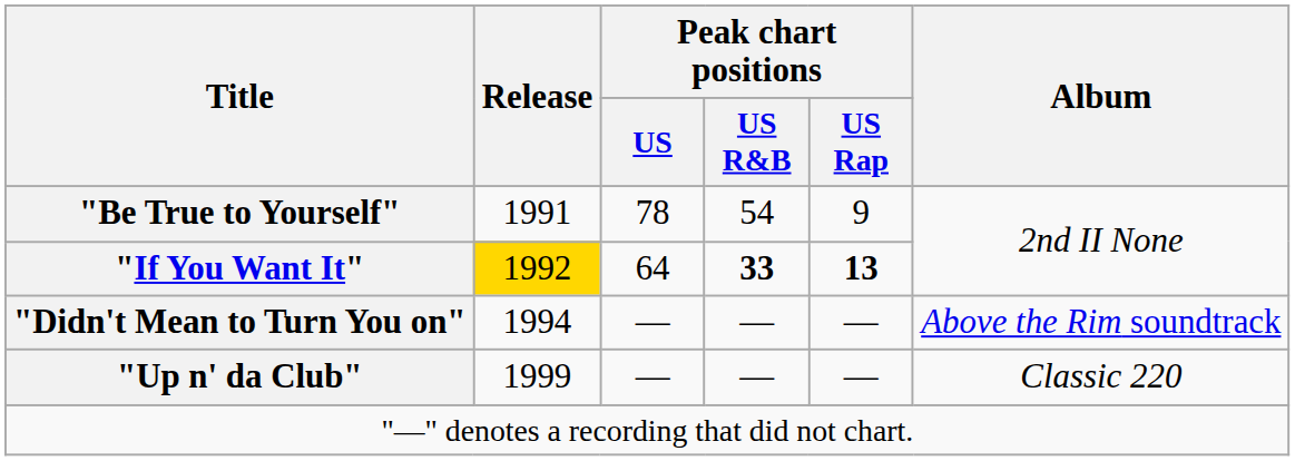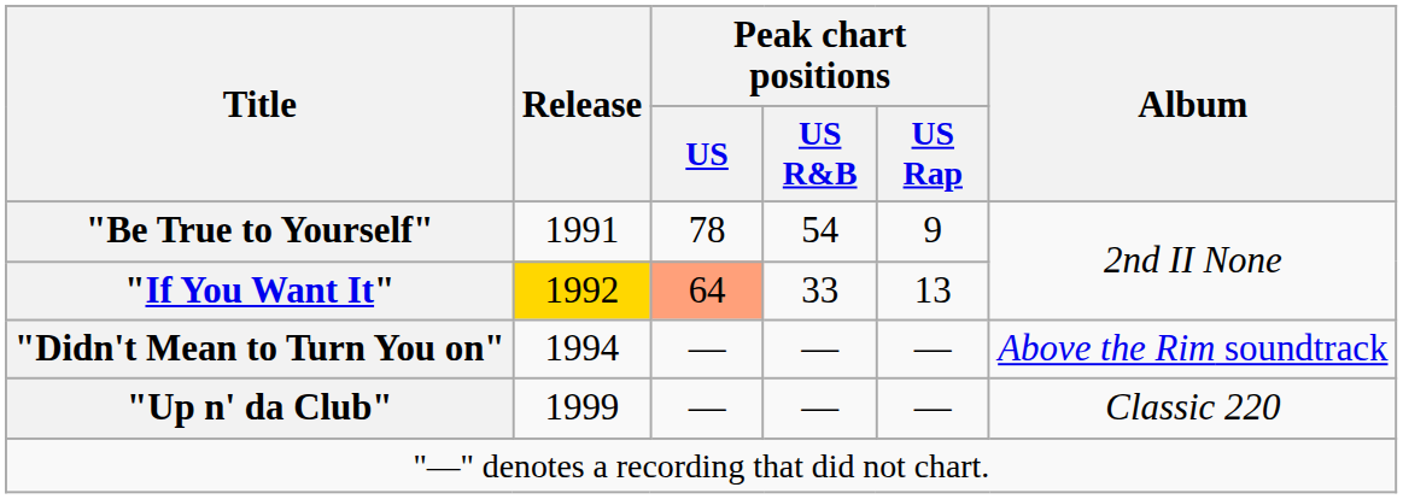 <table class="wikitable plainrowheaders" style="text-align:center;">
 <tr>
 <th rowspan="2">Title</th>
 <th rowspan="2">Release</th>
 <th colspan="3">Peak chart positions</th>
 <th rowspan="2">Album</th>
 </tr>
 <tr>
 <th scope="col" style="width:2.9em;font-size:90%;"><a href='#'>US</a></th>
 <th scope="col" style="width:2.9em;font-size:90%;"><a href='#'>US<br>R&B</a></th>
 <th scope="col" style="width:2.9em;font-size:90%;"><a href='#'>US<br>Rap</a></th>
 </tr>
 <tr>
 <th scope="row">"Be True to Yourself"</th>
 <td>1991</td>
 <td style="text-align:center;">78</td>
 <td style="text-align:center;">54</td>
 <td style="text-align:center;">9</td>
 <td rowspan="2"><em>2nd II None</em></td>
 </tr>
 <tr>
 <th scope="row">"<a href='#'>If You Want It</a>"</th>
 <td style="background: gold;">1992</td>
-<td style="text-align:center;">64</td>
-<td style="text-align:center;"><strong>33</strong></td>
-<td style="text-align:center;"><strong>13</strong></td>
+<td style="background: lightsalmon; text-align:center;">64</td>
+<td style="text-align:center;">33</td>
+<td style="text-align:center;">13</td>
 </tr>
 <tr>
 <th scope="row">"Didn't Mean to Turn You on"</th>
 <td>1994</td>
 <td style="text-align:center;">—</td>
 <td style="text-align:center;">—</td>
 <td style="text-align:center;">—</td>
 <td><a href='#'><em>Above the Rim</em> soundtrack</a></td>
 </tr>
 <tr>
 <th scope="row">"Up n' da Club"</th>
 <td>1999</td>
 <td style="text-align:center;">—</td>
 <td style="text-align:center;">—</td>
 <td style="text-align:center;">—</td>
 <td><em>Classic 220</em></td>
 </tr>
 <tr>
 <td colspan="6"  style="text-align:center; font-size:90%;">"—" denotes a recording that did not chart.</td>
 </tr>
 </table>
